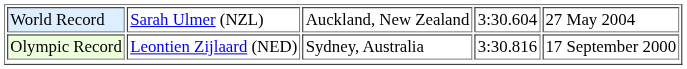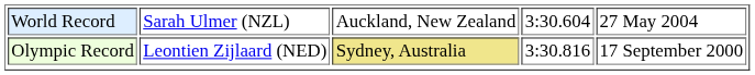 <table border = "1" Cellpadding = "2">
 <tr>
 <td !align="left" bgcolor = "ddeeff">World Record</td>
 <td><a href='#'>Sarah Ulmer</a> (NZL)</td>
 <td>Auckland, New Zealand</td>
 <td>3:30.604</td>
 <td>27 May 2004</td>
 </tr>
 <tr>
 <td !align="left" bgcolor = "eeffdd">Olympic Record</td>
 <td><a href='#'>Leontien Zijlaard</a> (NED)</td>
-<td>Sydney, Australia</td>
+<td style="background: khaki;">Sydney, Australia</td>
 <td>3:30.816</td>
 <td>17 September 2000</td>
 </tr>
 <tr>
 </tr>
 </table>
